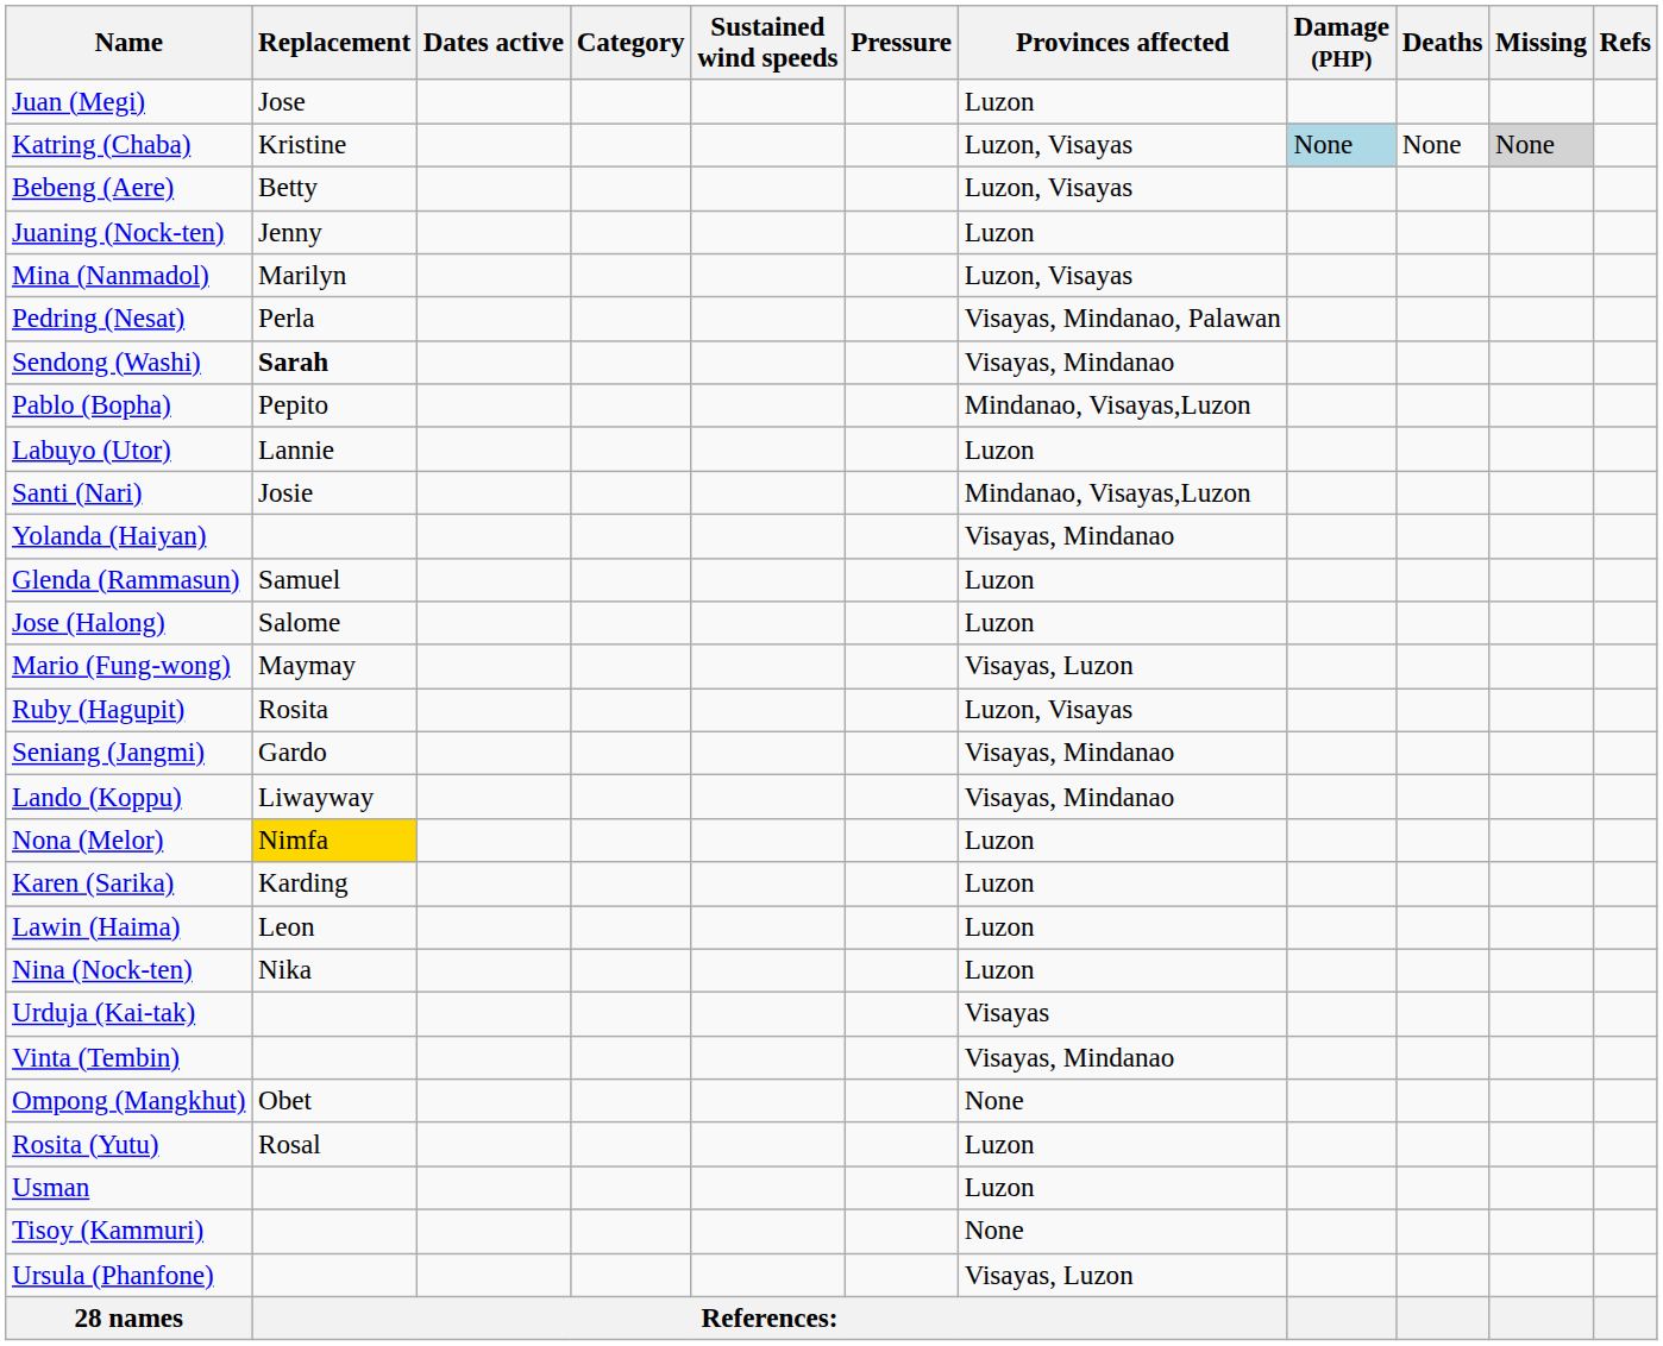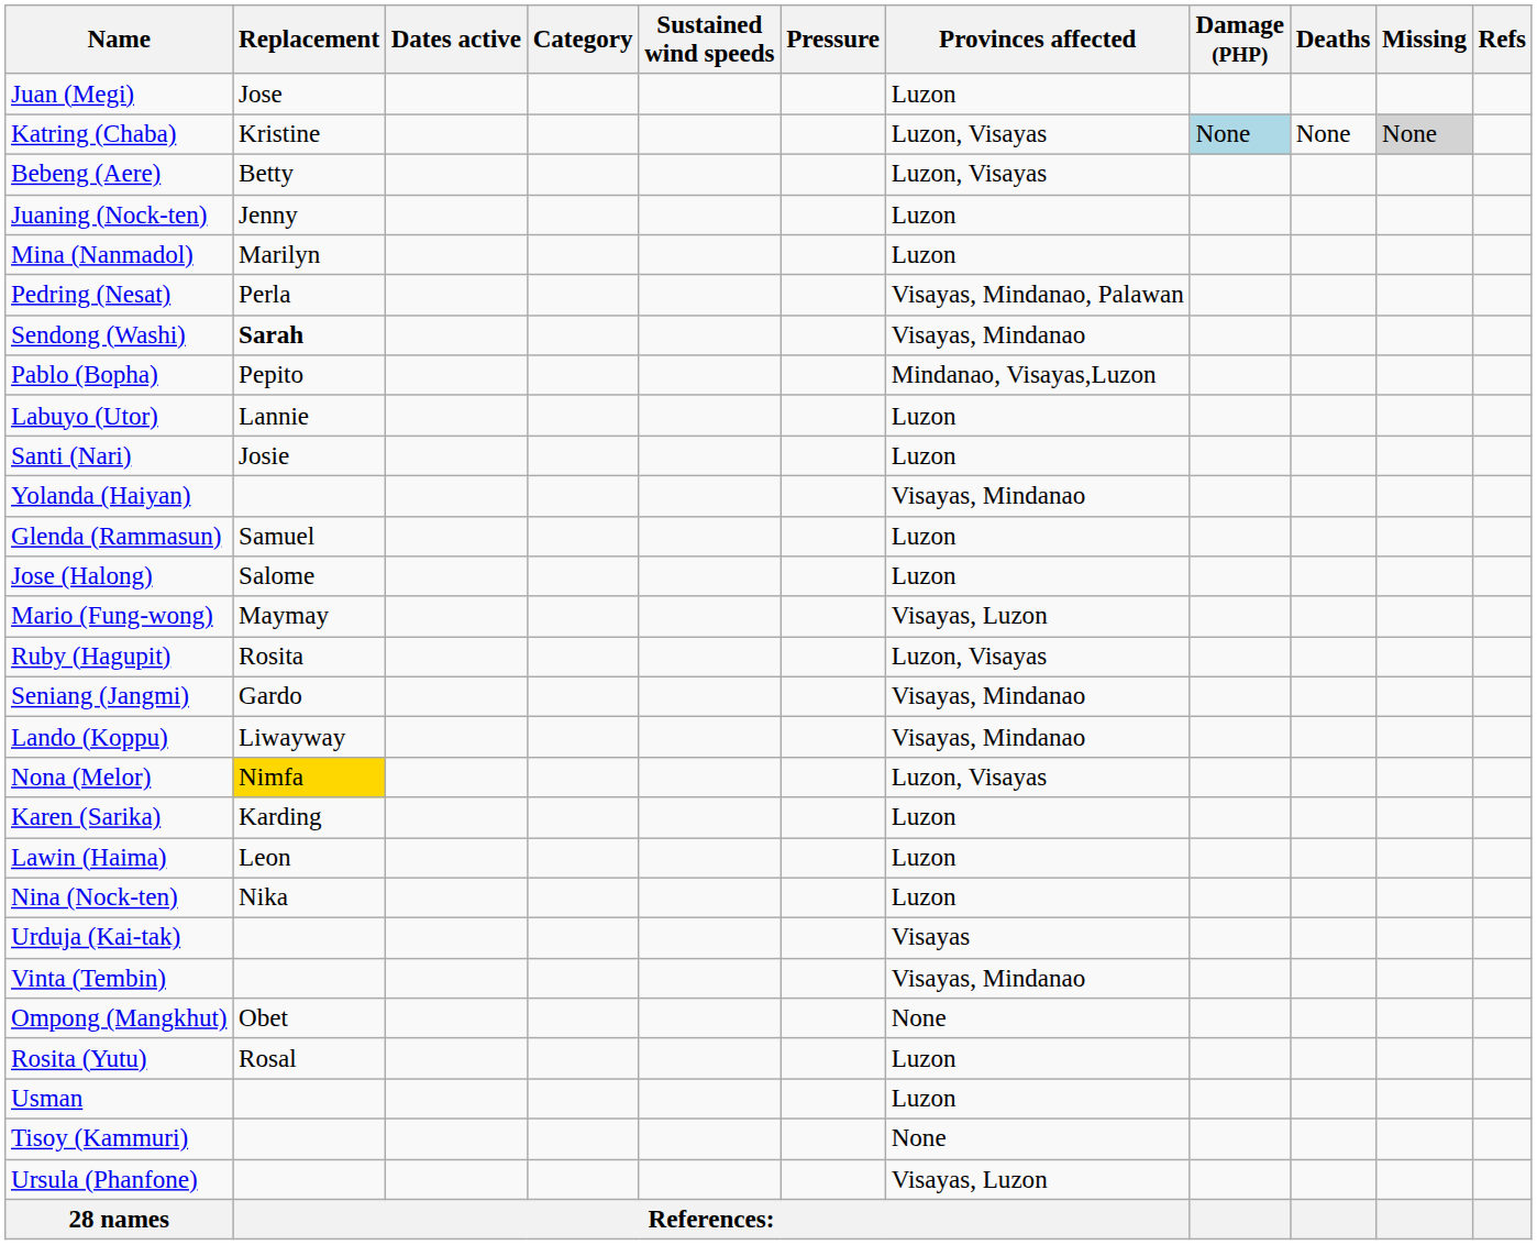 <table class="wikitable sortable">
 <tr>
 <th>Name</th>
 <th>Replacement</th>
 <th>Dates active</th>
 <th>Category</th>
 <th>Sustained <br>wind speeds</th>
 <th>Pressure</th>
 <th class="unsortable">Provinces affected</th>
 <th>Damage<br><small>(PHP)</small></th>
 <th>Deaths</th>
 <th>Missing</th>
 <th class="unsortable">Refs</th>
 </tr>
 <tr>
 <td><a href='#'>Juan (Megi)</a></td>
 <td>Jose</td>
 <td></td>
 <td></td>
 <td></td>
 <td></td>
 <td>Luzon</td>
 <td></td>
 <td></td>
 <td></td>
 <td></td>
 </tr>
 <tr>
 <td><a href='#'>Katring (Chaba)</a></td>
 <td>Kristine</td>
 <td></td>
 <td></td>
 <td></td>
 <td></td>
 <td>Luzon, Visayas</td>
 <td style="background: lightblue;">None</td>
 <td>None</td>
 <td style="background: lightgrey;">None</td>
 <td></td>
 </tr>
 <tr>
 <td><a href='#'>Bebeng (Aere)</a></td>
 <td>Betty</td>
 <td></td>
 <td></td>
 <td></td>
 <td></td>
 <td>Luzon, Visayas</td>
 <td></td>
 <td></td>
 <td></td>
 <td></td>
 </tr>
 <tr>
 <td><a href='#'>Juaning (Nock-ten)</a></td>
 <td>Jenny</td>
 <td></td>
 <td></td>
 <td></td>
 <td></td>
 <td>Luzon</td>
 <td></td>
 <td></td>
 <td></td>
 <td></td>
 </tr>
 <tr>
 <td><a href='#'>Mina (Nanmadol)</a></td>
 <td>Marilyn</td>
 <td></td>
 <td></td>
 <td></td>
 <td></td>
-<td>Luzon, Visayas</td>
+<td>Luzon</td>
 <td></td>
 <td></td>
 <td></td>
 <td></td>
 </tr>
 <tr>
 <td><a href='#'>Pedring (Nesat)</a></td>
 <td>Perla</td>
 <td></td>
 <td></td>
 <td></td>
 <td></td>
 <td>Visayas, Mindanao, Palawan</td>
 <td></td>
 <td></td>
 <td></td>
 <td></td>
 </tr>
 <tr>
 <td><a href='#'>Sendong (Washi)</a></td>
 <td><strong>Sarah</strong></td>
 <td></td>
 <td></td>
 <td></td>
 <td></td>
 <td>Visayas, Mindanao</td>
 <td></td>
 <td></td>
 <td></td>
 <td></td>
 </tr>
 <tr>
 <td><a href='#'>Pablo (Bopha)</a></td>
 <td>Pepito</td>
 <td></td>
 <td></td>
 <td></td>
 <td></td>
 <td>Mindanao, Visayas,Luzon</td>
 <td></td>
 <td></td>
 <td></td>
 <td></td>
 </tr>
 <tr>
 <td><a href='#'>Labuyo (Utor)</a></td>
 <td>Lannie</td>
 <td></td>
 <td></td>
 <td></td>
 <td></td>
 <td>Luzon</td>
 <td></td>
 <td></td>
 <td></td>
 <td></td>
 </tr>
 <tr>
 <td><a href='#'>Santi (Nari)</a></td>
 <td>Josie</td>
 <td></td>
 <td></td>
 <td></td>
 <td></td>
-<td>Mindanao, Visayas,Luzon</td>
+<td>Luzon</td>
 <td></td>
 <td></td>
 <td></td>
 <td></td>
 </tr>
 <tr>
 <td><a href='#'>Yolanda (Haiyan)</a></td>
 <td></td>
 <td></td>
 <td></td>
 <td></td>
 <td></td>
 <td>Visayas, Mindanao</td>
 <td></td>
 <td></td>
 <td></td>
 <td></td>
 </tr>
 <tr>
 <td><a href='#'>Glenda (Rammasun)</a></td>
 <td>Samuel</td>
 <td></td>
 <td></td>
 <td></td>
 <td></td>
 <td>Luzon</td>
 <td></td>
 <td></td>
 <td></td>
 <td></td>
 </tr>
 <tr>
 <td><a href='#'>Jose (Halong)</a></td>
 <td>Salome</td>
 <td></td>
 <td></td>
 <td></td>
 <td></td>
 <td>Luzon</td>
 <td></td>
 <td></td>
 <td></td>
 <td></td>
 </tr>
 <tr>
 <td><a href='#'>Mario (Fung-wong)</a></td>
 <td>Maymay</td>
 <td></td>
 <td></td>
 <td></td>
 <td></td>
 <td>Visayas, Luzon</td>
 <td></td>
 <td></td>
 <td></td>
 <td></td>
 </tr>
 <tr>
 <td><a href='#'>Ruby (Hagupit)</a></td>
 <td>Rosita</td>
 <td></td>
 <td></td>
 <td></td>
 <td></td>
 <td>Luzon, Visayas</td>
 <td></td>
 <td></td>
 <td></td>
 <td></td>
 </tr>
 <tr>
 <td><a href='#'>Seniang (Jangmi)</a></td>
 <td>Gardo</td>
 <td></td>
 <td></td>
 <td></td>
 <td></td>
 <td>Visayas, Mindanao</td>
 <td></td>
 <td></td>
 <td></td>
 <td></td>
 </tr>
 <tr>
 <td><a href='#'>Lando (Koppu)</a></td>
 <td>Liwayway</td>
 <td></td>
 <td></td>
 <td></td>
 <td></td>
 <td>Visayas, Mindanao</td>
 <td></td>
 <td></td>
 <td></td>
 <td></td>
 </tr>
 <tr>
 <td><a href='#'>Nona (Melor)</a></td>
 <td style="background: gold;">Nimfa</td>
 <td></td>
 <td></td>
 <td></td>
 <td></td>
-<td>Luzon</td>
+<td>Luzon, Visayas</td>
 <td></td>
 <td></td>
 <td></td>
 <td></td>
 </tr>
 <tr>
 <td><a href='#'>Karen (Sarika)</a></td>
 <td>Karding</td>
 <td></td>
 <td></td>
 <td></td>
 <td></td>
 <td>Luzon</td>
 <td></td>
 <td></td>
 <td></td>
 <td></td>
 </tr>
 <tr>
 <td><a href='#'>Lawin (Haima)</a></td>
 <td>Leon</td>
 <td></td>
 <td></td>
 <td></td>
 <td></td>
 <td>Luzon</td>
 <td></td>
 <td></td>
 <td></td>
 <td></td>
 </tr>
 <tr>
 <td><a href='#'>Nina (Nock-ten)</a></td>
 <td>Nika</td>
 <td></td>
 <td></td>
 <td></td>
 <td></td>
 <td>Luzon</td>
 <td></td>
 <td></td>
 <td></td>
 <td></td>
 </tr>
 <tr>
 <td><a href='#'>Urduja (Kai-tak)</a></td>
 <td></td>
 <td></td>
 <td></td>
 <td></td>
 <td></td>
 <td>Visayas</td>
 <td></td>
 <td></td>
 <td></td>
 <td></td>
 </tr>
 <tr>
 <td><a href='#'>Vinta (Tembin)</a></td>
 <td></td>
 <td></td>
 <td></td>
 <td></td>
 <td></td>
 <td>Visayas, Mindanao</td>
 <td></td>
 <td></td>
 <td></td>
 <td></td>
 </tr>
 <tr>
 <td><a href='#'>Ompong (Mangkhut)</a></td>
 <td>Obet</td>
 <td></td>
 <td></td>
 <td></td>
 <td></td>
 <td>None</td>
 <td></td>
 <td></td>
 <td></td>
 <td></td>
 </tr>
 <tr>
 <td><a href='#'>Rosita (Yutu)</a></td>
 <td>Rosal</td>
 <td></td>
 <td></td>
 <td></td>
 <td></td>
 <td>Luzon</td>
 <td></td>
 <td></td>
 <td></td>
 <td></td>
 </tr>
 <tr>
 <td><a href='#'>Usman</a></td>
 <td></td>
 <td></td>
 <td></td>
 <td></td>
 <td></td>
 <td>Luzon</td>
 <td></td>
 <td></td>
 <td></td>
 <td></td>
 </tr>
 <tr>
 <td><a href='#'>Tisoy (Kammuri)</a></td>
 <td></td>
 <td></td>
 <td></td>
 <td></td>
 <td></td>
 <td>None</td>
 <td></td>
 <td></td>
 <td></td>
 <td></td>
 </tr>
 <tr>
 <td><a href='#'>Ursula (Phanfone)</a></td>
 <td></td>
 <td></td>
 <td></td>
 <td></td>
 <td></td>
 <td>Visayas, Luzon</td>
 <td></td>
 <td></td>
 <td></td>
 <td></td>
 </tr>
 <tr class="sortbottom">
 <th>28 names</th>
 <th colspan="6">References: </th>
 <th></th>
 <th></th>
 <th></th>
 <th></th>
 </tr>
 </table>
